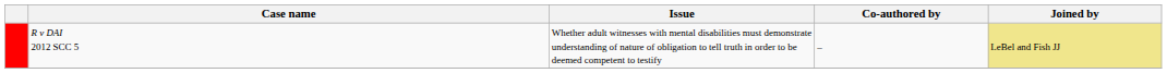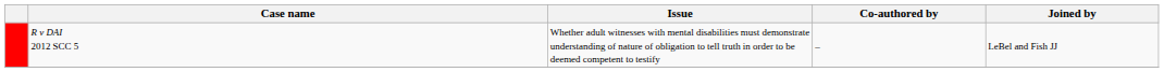 <table class="wikitable" width=100%>
 <tr bgcolor="#CCCCCC">
 <th width=25px></th>
 <th width=45%>Case name</th>
 <th>Issue</th>
 <th width=15%>Co-authored by</th>
 <th width=15%>Joined by</th>
 </tr>
 <tr>
 <td bgcolor="red"></td>
 <td align=left valign=top><small><em>R v DAI</em><br> 2012 SCC 5 </small></td>
 <td valign=top><small> Whether adult witnesses with mental disabilities must demonstrate understanding of nature of obligation to tell truth in order to be deemed competent to testify</small></td>
 <td><small> –</small></td>
-<td style="background: khaki;"><small>  LeBel and Fish JJ</small></td>
+<td><small>  LeBel and Fish JJ</small></td>
 </tr>
 <tr>
 </tr>
 </table>
